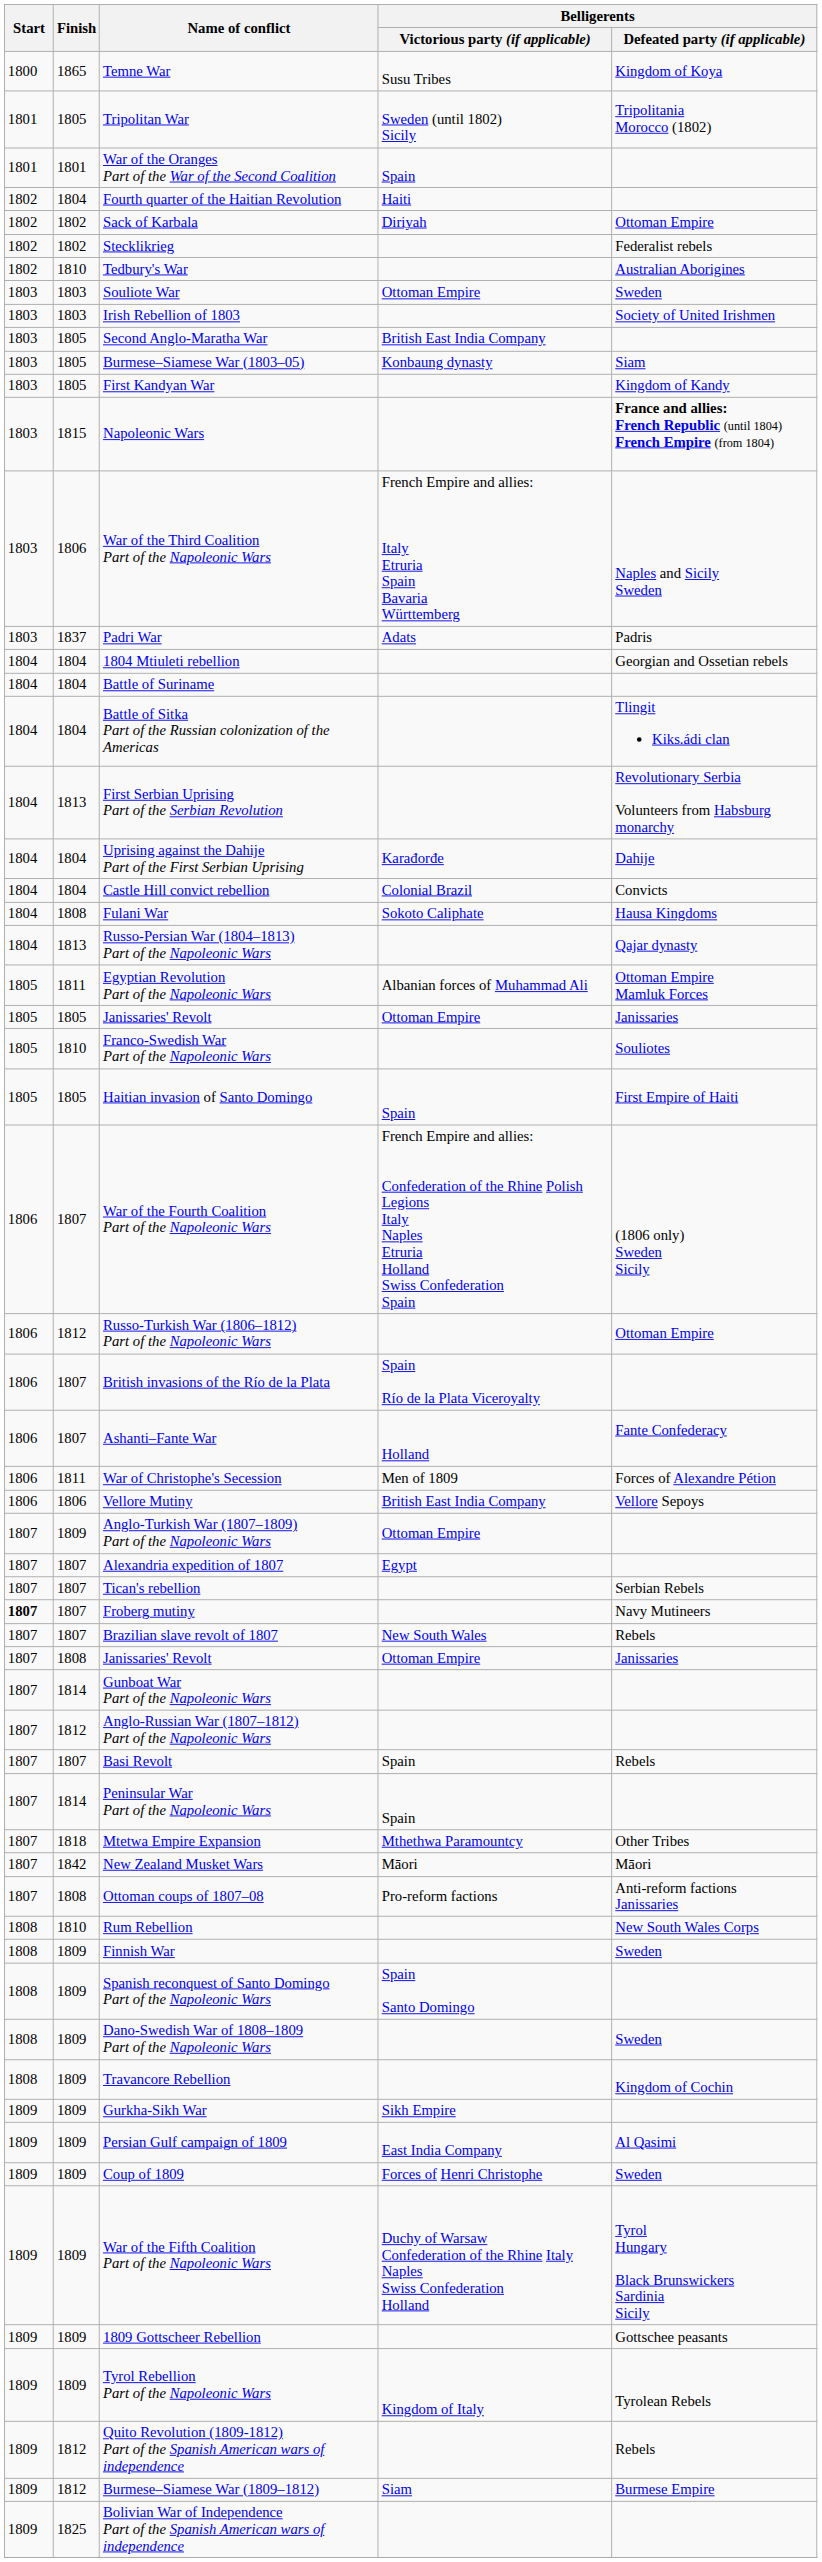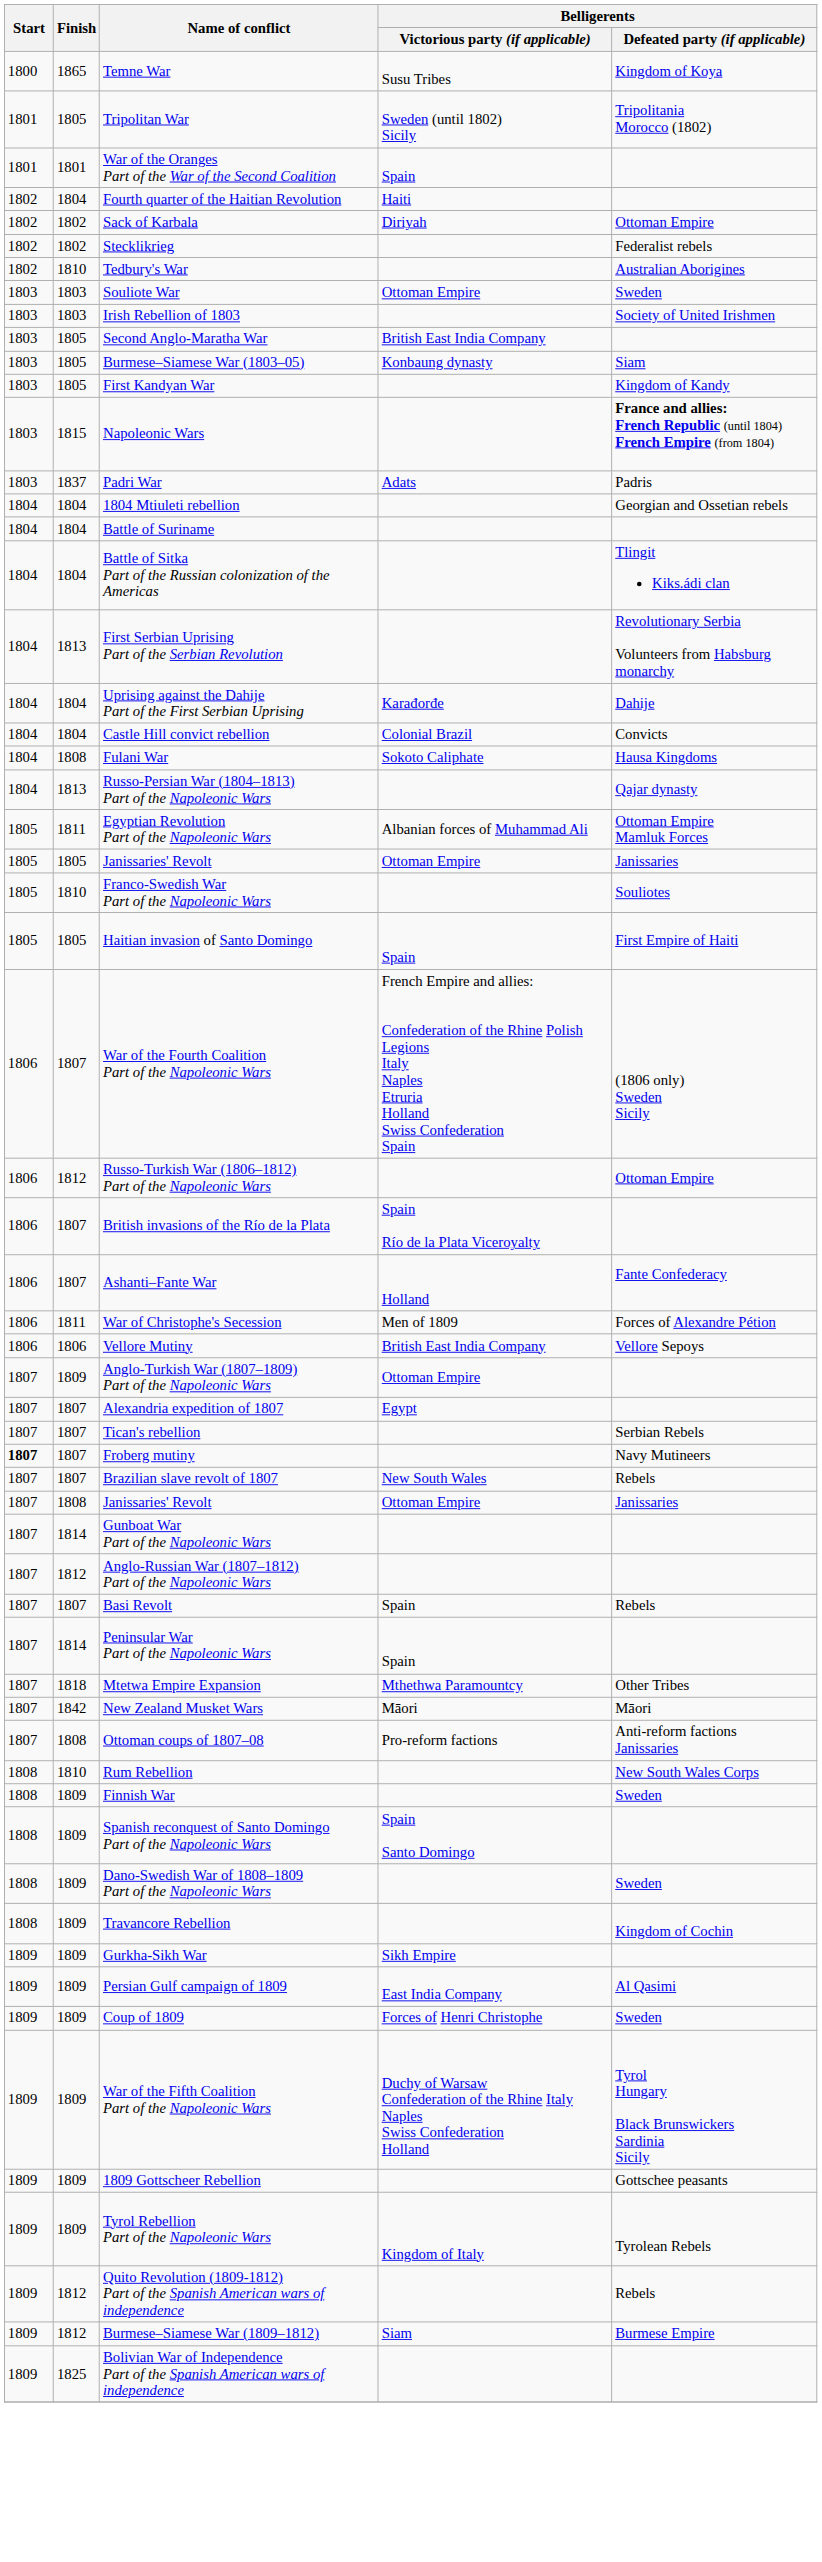 <table class="wikitable sortable" width="100%">
 <tr>
 <th rowspan="2" width="46">Start</th>
 <th rowspan="2" width="40">Finish</th>
 <th rowspan="2" class="unsortable">Name of conflict</th>
 <th colspan="2" class="unsortable">Belligerents</th>
 </tr>
 <tr>
 <th>Victorious party <em>(if applicable)</em></th>
 <th>Defeated party <em>(if applicable)</em></th>
 </tr>
 <tr>
 <td>1800</td>
 <td>1865</td>
 <td><a href='#'>Temne War</a></td>
 <td><br>Susu Tribes</td>
 <td><a href='#'>Kingdom of Koya</a></td>
 </tr>
 <tr>
 <td>1801</td>
 <td>1805</td>
 <td><a href='#'>Tripolitan War</a></td>
 <td><br> <a href='#'>Sweden</a> (until 1802)<br> <a href='#'>Sicily</a></td>
 <td> <a href='#'>Tripolitania</a><br> <a href='#'>Morocco</a> (1802)</td>
 </tr>
 <tr>
 <td>1801</td>
 <td>1801</td>
 <td><a href='#'>War of the Oranges</a><br><em>Part of the <a href='#'>War of the Second Coalition</a></em></td>
 <td><br> <a href='#'>Spain</a></td>
 <td></td>
 </tr>
 <tr>
 <td>1802</td>
 <td>1804</td>
 <td><a href='#'>Fourth quarter of the Haitian Revolution</a></td>
 <td> <a href='#'>Haiti</a></td>
 <td></td>
 </tr>
 <tr>
 <td>1802</td>
 <td>1802</td>
 <td><a href='#'>Sack of Karbala</a></td>
 <td> <a href='#'>Diriyah</a></td>
 <td> <a href='#'>Ottoman Empire</a></td>
 </tr>
 <tr>
 <td>1802</td>
 <td>1802</td>
 <td><a href='#'>Stecklikrieg</a></td>
 <td></td>
 <td>Federalist rebels</td>
 </tr>
 <tr>
 <td>1802</td>
 <td>1810</td>
 <td><a href='#'>Tedbury's War</a></td>
 <td></td>
 <td><a href='#'>Australian Aborigines</a></td>
 </tr>
 <tr>
 <td>1803</td>
 <td>1803</td>
 <td><a href='#'>Souliote War</a></td>
 <td> <a href='#'>Ottoman Empire</a></td>
 <td> <a href='#'>Sweden</a></td>
 </tr>
 <tr>
 <td>1803</td>
 <td>1803</td>
 <td><a href='#'>Irish Rebellion of 1803</a></td>
 <td></td>
 <td> <a href='#'>Society of United Irishmen</a></td>
 </tr>
 <tr>
 <td>1803</td>
 <td>1805</td>
 <td><a href='#'>Second Anglo-Maratha War</a></td>
 <td> <a href='#'>British East India Company</a></td>
 <td></td>
 </tr>
 <tr>
 <td>1803</td>
 <td>1805</td>
 <td><a href='#'>Burmese–Siamese War (1803–05)</a></td>
 <td> <a href='#'>Konbaung dynasty</a></td>
 <td> <a href='#'>Siam</a></td>
 </tr>
 <tr>
 <td>1803</td>
 <td>1805</td>
 <td><a href='#'>First Kandyan War</a></td>
 <td></td>
 <td> <a href='#'>Kingdom of Kandy</a></td>
 </tr>
 <tr>
 <td>1803</td>
 <td>1815</td>
 <td><a href='#'>Napoleonic Wars</a></td>
 <td></td>
 <td><strong>France and allies:</strong><br> <strong><a href='#'>French Republic</a></strong> <small>(until 1804)</small><br> <strong><a href='#'>French Empire</a></strong> <small>(from 1804)</small><br><br></td>
-</tr>
-<tr>
-<td>1803</td>
-<td>1806</td>
-<td><a href='#'>War of the Third Coalition</a><br><em>Part of the <a href='#'>Napoleonic Wars</a></em></td>
-<td>French Empire and allies: <br><br><br> <br>  <a href='#'>Italy</a><br>  <a href='#'>Etruria</a><br>  <a href='#'>Spain</a><br>  <a href='#'>Bavaria</a><br>  <a href='#'>Württemberg</a></td>
-<td><br><br><br> <br>  <a href='#'>Naples</a> and <a href='#'>Sicily</a><br>  <a href='#'>Sweden</a></td>
 </tr>
 <tr>
 <td>1803</td>
 <td>1837</td>
 <td><a href='#'>Padri War</a><br></td>
 <td> <a href='#'>Adats</a><br></td>
 <td> Padris</td>
 </tr>
 <tr>
 <td>1804</td>
 <td>1804</td>
 <td><a href='#'>1804 Mtiuleti rebellion</a></td>
 <td></td>
 <td>Georgian and Ossetian rebels</td>
 </tr>
 <tr>
 <td>1804</td>
 <td>1804</td>
 <td><a href='#'>Battle of Suriname</a></td>
 <td></td>
 <td></td>
 </tr>
 <tr>
 <td>1804</td>
 <td>1804</td>
 <td><a href='#'>Battle of Sitka</a><br><em>Part of the Russian colonization of the Americas</em></td>
 <td></td>
 <td><a href='#'>Tlingit</a><br><ul><li><a href='#'>Kiks.ádi clan</a></li></ul></td>
 </tr>
 <tr>
 <td>1804</td>
 <td>1813</td>
 <td><a href='#'>First Serbian Uprising</a><br><em>Part of the <a href='#'>Serbian Revolution</a></em></td>
 <td> <br><br></td>
 <td> <a href='#'>Revolutionary Serbia</a><br><br> Volunteers from <a href='#'>Habsburg monarchy</a><br> </td>
 </tr>
 <tr>
 <td>1804</td>
 <td>1804</td>
 <td><a href='#'>Uprising against the Dahije</a><br><em>Part of the First Serbian Uprising</em></td>
 <td> <a href='#'>Karađorđe</a></td>
 <td><a href='#'>Dahije</a></td>
 </tr>
 <tr>
 <td>1804</td>
 <td>1804</td>
 <td><a href='#'>Castle Hill convict rebellion</a></td>
 <td> <a href='#'>Colonial Brazil</a></td>
 <td>Convicts</td>
 </tr>
 <tr>
 <td>1804</td>
 <td>1808</td>
 <td><a href='#'>Fulani War</a></td>
 <td> <a href='#'>Sokoto Caliphate</a></td>
 <td><a href='#'>Hausa Kingdoms</a></td>
 </tr>
 <tr>
 <td>1804</td>
 <td>1813</td>
 <td><a href='#'>Russo-Persian War (1804–1813)</a><br> <em>Part of the <a href='#'>Napoleonic Wars</a></em></td>
 <td></td>
 <td> <a href='#'>Qajar dynasty</a></td>
 </tr>
 <tr>
 <td>1805</td>
 <td>1811</td>
 <td><a href='#'>Egyptian Revolution</a> <br><em>Part of the <a href='#'>Napoleonic Wars</a></em></td>
 <td> Albanian forces of <a href='#'>Muhammad Ali</a></td>
 <td> <a href='#'>Ottoman Empire</a><br><a href='#'>Mamluk Forces</a></td>
 </tr>
 <tr>
 <td>1805</td>
 <td>1805</td>
 <td><a href='#'>Janissaries' Revolt</a></td>
 <td> <a href='#'>Ottoman Empire</a></td>
 <td> <a href='#'>Janissaries</a></td>
 </tr>
 <tr>
 <td>1805</td>
 <td>1810</td>
 <td><a href='#'>Franco-Swedish War</a><br><em>Part of the <a href='#'>Napoleonic Wars</a></em></td>
 <td></td>
 <td><a href='#'>Souliotes</a></td>
 </tr>
 <tr>
 <td>1805</td>
 <td>1805</td>
 <td><a href='#'>Haitian invasion</a> of <a href='#'>Santo Domingo</a></td>
 <td><br><br> <a href='#'>Spain</a></td>
 <td> <a href='#'>First Empire of Haiti</a></td>
 </tr>
 <tr>
 <td>1806</td>
 <td>1807</td>
 <td><a href='#'>War of the Fourth Coalition</a><br><em>Part of the <a href='#'>Napoleonic Wars</a></em></td>
 <td>French Empire and allies: <br><br><br> <a href='#'>Confederation of the Rhine</a> <a href='#'>Polish Legions</a><br>  <a href='#'>Italy</a><br>  <a href='#'>Naples</a><br>  <a href='#'>Etruria</a><br>  <a href='#'>Holland</a><br>  <a href='#'>Swiss Confederation</a><br>  <a href='#'>Spain</a></td>
 <td><br><br><br> <br>  (1806 only)<br>  <a href='#'>Sweden</a><br>  <a href='#'>Sicily</a></td>
 </tr>
 <tr>
 <td>1806</td>
 <td>1812</td>
 <td><a href='#'>Russo-Turkish War (1806–1812)</a><br><em>Part of the <a href='#'>Napoleonic Wars</a></em></td>
 <td></td>
 <td> <a href='#'>Ottoman Empire</a></td>
 </tr>
 <tr>
 <td>1806</td>
 <td>1807</td>
 <td><a href='#'>British invasions of the Río de la Plata</a></td>
 <td> <a href='#'>Spain</a><br><br> <a href='#'>Río de la Plata Viceroyalty</a></td>
 <td></td>
 </tr>
 <tr>
 <td>1806</td>
 <td>1807</td>
 <td><a href='#'>Ashanti–Fante War</a></td>
 <td><br><br> <a href='#'>Holland</a></td>
 <td><a href='#'>Fante Confederacy</a><br><br></td>
 </tr>
 <tr>
 <td>1806</td>
 <td>1811</td>
 <td><a href='#'>War of Christophe's Secession</a></td>
 <td>Men of 1809</td>
 <td> Forces of <a href='#'>Alexandre Pétion</a></td>
 </tr>
 <tr>
 <td>1806</td>
 <td>1806</td>
 <td><a href='#'>Vellore Mutiny</a></td>
 <td> <a href='#'>British East India Company</a></td>
 <td> <a href='#'>Vellore</a> Sepoys</td>
 </tr>
 <tr>
 <td>1807</td>
 <td>1809</td>
 <td><a href='#'>Anglo-Turkish War (1807–1809)</a><br><em>Part of the <a href='#'>Napoleonic Wars</a></em></td>
 <td> <a href='#'>Ottoman Empire</a></td>
 <td></td>
 </tr>
 <tr>
 <td>1807</td>
 <td>1807</td>
 <td><a href='#'>Alexandria expedition of 1807</a></td>
 <td> <a href='#'>Egypt</a></td>
 <td></td>
 </tr>
 <tr>
 <td>1807</td>
 <td>1807</td>
 <td><a href='#'>Tican's rebellion</a></td>
 <td></td>
 <td> Serbian Rebels</td>
 </tr>
 <tr>
 <td><strong>1807</strong></td>
 <td>1807</td>
 <td><a href='#'>Froberg mutiny</a></td>
 <td></td>
 <td> Navy Mutineers</td>
 </tr>
 <tr>
 <td>1807</td>
 <td>1807</td>
 <td><a href='#'>Brazilian slave revolt of 1807</a></td>
 <td> <a href='#'>New South Wales</a></td>
 <td>Rebels</td>
 </tr>
 <tr>
 <td>1807</td>
 <td>1808</td>
 <td><a href='#'>Janissaries' Revolt</a></td>
 <td> <a href='#'>Ottoman Empire</a></td>
 <td> <a href='#'>Janissaries</a></td>
 </tr>
 <tr>
 <td>1807</td>
 <td>1814</td>
 <td><a href='#'>Gunboat War</a> <br><em>Part of the <a href='#'>Napoleonic Wars</a></em></td>
 <td></td>
 <td></td>
 </tr>
 <tr>
 <td>1807</td>
 <td>1812</td>
 <td><a href='#'>Anglo-Russian War (1807–1812)</a><br><em>Part of the <a href='#'>Napoleonic Wars</a></em></td>
 <td></td>
 <td></td>
 </tr>
 <tr>
 <td>1807</td>
 <td>1807</td>
 <td><a href='#'>Basi Revolt</a></td>
 <td> Spain</td>
 <td>Rebels</td>
 </tr>
 <tr>
 <td>1807</td>
 <td>1814</td>
 <td><a href='#'>Peninsular War</a><br><em>Part of the <a href='#'>Napoleonic Wars</a></em></td>
 <td><br><br> Spain<br></td>
 <td><br></td>
 </tr>
 <tr>
 <td>1807</td>
 <td>1818</td>
 <td><a href='#'>Mtetwa Empire Expansion</a></td>
 <td><a href='#'>Mthethwa Paramountcy</a></td>
 <td>Other Tribes</td>
 </tr>
 <tr>
 <td>1807</td>
 <td>1842</td>
 <td><a href='#'>New Zealand Musket Wars</a></td>
 <td>Māori</td>
 <td>Māori</td>
 </tr>
 <tr>
 <td>1807</td>
 <td>1808</td>
 <td><a href='#'>Ottoman coups of 1807–08</a></td>
 <td> Pro-reform factions</td>
 <td> Anti-reform factions<br> <a href='#'>Janissaries</a></td>
 </tr>
 <tr>
 <td>1808</td>
 <td>1810</td>
 <td><a href='#'>Rum Rebellion</a></td>
 <td></td>
 <td> <a href='#'>New South Wales Corps</a></td>
 </tr>
 <tr>
 <td>1808</td>
 <td>1809</td>
 <td><a href='#'>Finnish War</a></td>
 <td></td>
 <td> <a href='#'>Sweden</a></td>
 </tr>
 <tr>
 <td>1808</td>
 <td>1809</td>
 <td><a href='#'>Spanish reconquest of Santo Domingo</a> <br> <em>Part of the <a href='#'>Napoleonic Wars</a></em></td>
 <td> <a href='#'>Spain</a> <br><br> <a href='#'>Santo Domingo</a><br> </td>
 <td></td>
 </tr>
 <tr>
 <td>1808</td>
 <td>1809</td>
 <td><a href='#'>Dano-Swedish War of 1808–1809</a><br><em>Part of the <a href='#'>Napoleonic Wars</a></em></td>
 <td><br></td>
 <td> <a href='#'>Sweden</a><br></td>
 </tr>
 <tr>
 <td>1808</td>
 <td>1809</td>
 <td><a href='#'>Travancore Rebellion</a></td>
 <td></td>
 <td><br><a href='#'>Kingdom of Cochin</a></td>
 </tr>
 <tr>
 <td>1809</td>
 <td>1809</td>
 <td><a href='#'>Gurkha-Sikh War</a></td>
 <td> <a href='#'>Sikh Empire</a></td>
 <td></td>
 </tr>
 <tr>
 <td>1809</td>
 <td>1809</td>
 <td><a href='#'>Persian Gulf campaign of 1809</a></td>
 <td><br> <a href='#'>East India Company</a></td>
 <td> <a href='#'>Al Qasimi</a></td>
 </tr>
 <tr>
 <td>1809</td>
 <td>1809</td>
 <td><a href='#'>Coup of 1809</a></td>
 <td> <a href='#'>Forces of</a> <a href='#'>Henri Christophe</a></td>
 <td> <a href='#'>Sweden</a></td>
 </tr>
 <tr>
 <td>1809</td>
 <td>1809</td>
 <td><a href='#'>War of the Fifth Coalition</a><br><em>Part of the <a href='#'>Napoleonic Wars</a></em></td>
 <td><br><br> <a href='#'>Duchy of Warsaw</a><br> <a href='#'>Confederation of the Rhine</a> <a href='#'>Italy</a><br>  <a href='#'>Naples</a><br>  <a href='#'>Swiss Confederation</a><br>  <a href='#'>Holland</a><br></td>
 <td><br><br> <a href='#'>Tyrol</a><br>  <a href='#'>Hungary</a><br> <br>  <a href='#'>Black Brunswickers</a> <br>  <a href='#'>Sardinia</a><br>  <a href='#'>Sicily</a></td>
 </tr>
 <tr>
 <td>1809</td>
 <td>1809</td>
 <td><a href='#'>1809 Gottscheer Rebellion</a></td>
 <td></td>
 <td>Gottschee peasants</td>
 </tr>
 <tr>
 <td>1809</td>
 <td>1809</td>
 <td><a href='#'>Tyrol Rebellion</a><br><em>Part of the <a href='#'>Napoleonic Wars</a></em></td>
 <td><br><br> <br>  <a href='#'>Kingdom of Italy</a></td>
 <td><br><br> Tyrolean Rebels</td>
 </tr>
 <tr>
 <td>1809</td>
 <td>1812</td>
 <td><a href='#'>Quito Revolution (1809-1812)</a><br> <em>Part of the <a href='#'>Spanish American wars of independence</a></em></td>
 <td></td>
 <td> Rebels</td>
 </tr>
 <tr>
 <td>1809</td>
 <td>1812</td>
 <td><a href='#'>Burmese–Siamese War (1809–1812)</a></td>
 <td> <a href='#'>Siam</a></td>
 <td> <a href='#'>Burmese Empire</a></td>
 </tr>
 <tr>
 <td>1809</td>
 <td>1825</td>
 <td><a href='#'>Bolivian War of Independence</a><br> <em>Part of the <a href='#'>Spanish American wars of independence</a></em></td>
 <td></td>
 <td></td>
 </tr>
 <tr>
 </tr>
 </table>
